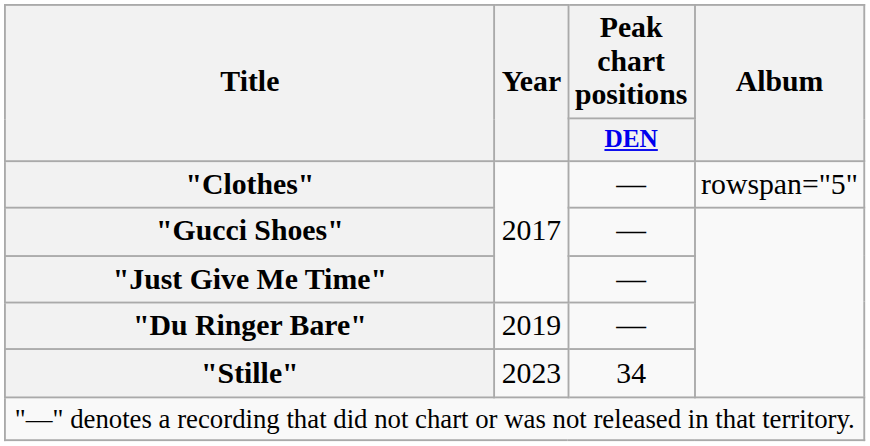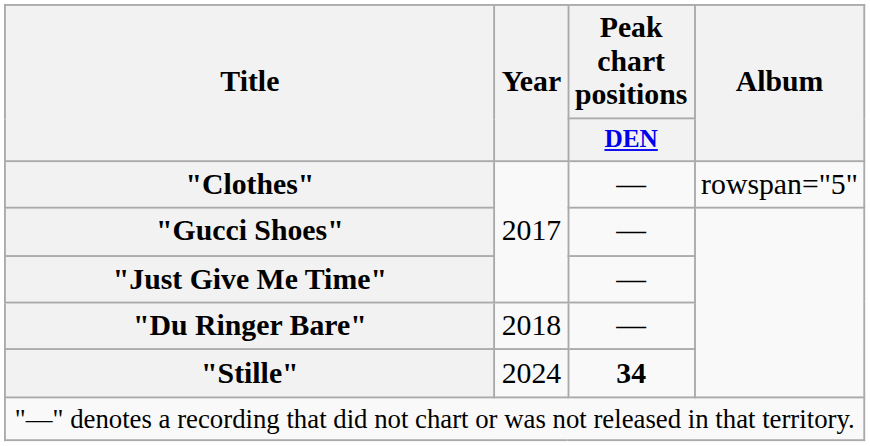 <table class="wikitable plainrowheaders" style="text-align:center;" border="1">
 <tr>
 <th scope="col" rowspan="2" style="width:16em;">Title</th>
 <th scope="col" rowspan="2">Year</th>
 <th scope="col">Peak chart positions</th>
 <th scope="col" rowspan="2">Album</th>
 </tr>
 <tr>
 <th scope="col" style="width:3em;font-size:85%;"><a href='#'>DEN</a><br></th>
 </tr>
 <tr>
 <th scope="row">"Clothes"</th>
 <td rowspan="3">2017</td>
 <td>—</td>
 <td>rowspan="5" </td>
 </tr>
 <tr>
 <th scope="row">"Gucci Shoes"</th>
 <td>—</td>
 </tr>
 <tr>
 <th scope="row">"Just Give Me Time"</th>
 <td>—</td>
 </tr>
 <tr>
 <th scope="row">"Du Ringer Bare"</th>
-<td>2019</td>
+<td>2018</td>
 <td>—</td>
 </tr>
 <tr>
 <th scope="row">"Stille"</th>
-<td>2023</td>
-<td>34</td>
+<td>2024</td>
+<td><strong>34</strong></td>
 </tr>
 <tr>
 <td colspan="4" style="font-size:90%">"—" denotes a recording that did not chart or was not released in that territory.</td>
 </tr>
 </table>
